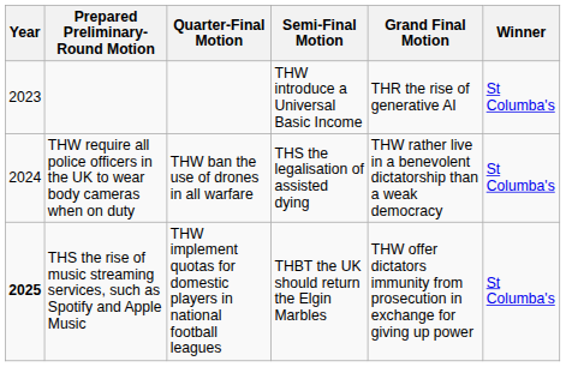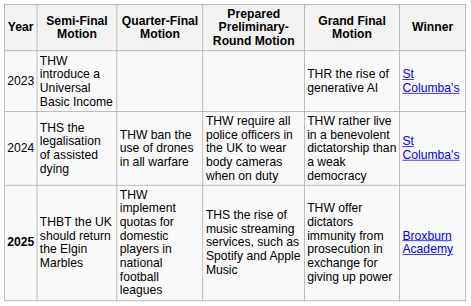 <table class="wikitable sortable">
 <tr>
 <th>Year</th>
+<th>Semi-Final Motion</th>
+<th>Quarter-Final Motion</th>
 <th>Prepared Preliminary-Round Motion</th>
-<th>Quarter-Final Motion</th>
-<th>Semi-Final Motion</th>
 <th>Grand Final Motion</th>
 <th>Winner</th>
 </tr>
 <tr>
 <td>2023</td>
+<td>THW introduce a Universal Basic Income</td>
 <td></td>
 <td></td>
-<td>THW introduce a Universal Basic Income</td>
 <td>THR the rise of generative AI</td>
 <td><a href='#'>St Columba's</a></td>
 </tr>
 <tr>
 <td>2024</td>
+<td>THS the legalisation of assisted dying</td>
+<td>THW ban the use of drones in all warfare</td>
 <td>THW require all police officers in the UK to wear body cameras when on duty</td>
-<td>THW ban the use of drones in all warfare</td>
-<td>THS the legalisation of assisted dying</td>
 <td>THW rather live in a benevolent dictatorship than a weak democracy</td>
 <td><a href='#'>St Columba's</a></td>
 </tr>
 <tr>
 <td><strong>2025</strong></td>
+<td>THBT the UK should return the Elgin Marbles</td>
+<td>THW implement quotas for domestic players in national football leagues</td>
 <td>THS the rise of music streaming services, such as Spotify and Apple Music</td>
-<td>THW implement quotas for domestic players in national football leagues</td>
-<td>THBT the UK should return the Elgin Marbles</td>
 <td>THW offer dictators immunity from prosecution in exchange for giving up power</td>
-<td><a href='#'>St Columba's</a></td>
+<td><a href='#'>Broxburn Academy</a></td>
 </tr>
 </table>
